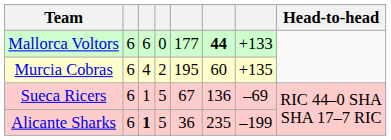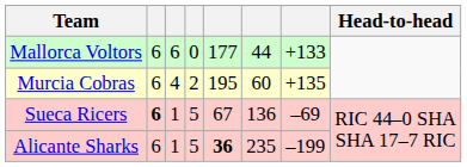 <table class="wikitable sortable" style="text-align: center;">
 <tr>
 <th>Team</th>
 <th></th>
 <th></th>
 <th></th>
 <th></th>
 <th></th>
 <th></th>
 <th>Head-to-head</th>
 </tr>
 <tr style="background:#ccffcc">
 <td><a href='#'>Mallorca Voltors</a></td>
 <td>6</td>
 <td>6</td>
 <td>0</td>
 <td>177</td>
-<td><strong>44</strong></td>
+<td>44</td>
 <td>+133</td>
 </tr>
 <tr bgcolor=#FFFFCC>
 <td><a href='#'>Murcia Cobras</a></td>
 <td>6</td>
 <td>4</td>
 <td>2</td>
 <td>195</td>
 <td>60</td>
 <td>+135</td>
 </tr>
 <tr style="background:#FFCCCC">
 <td><a href='#'>Sueca Ricers</a></td>
-<td>6</td>
+<td><strong>6</strong></td>
 <td>1</td>
 <td>5</td>
 <td>67</td>
 <td>136</td>
 <td>–69</td>
 <td rowspan="2">RIC 44–0 SHA<br>SHA 17–7 RIC</td>
 </tr>
 <tr style="background:#FFCCCC">
 <td><a href='#'>Alicante Sharks</a></td>
 <td>6</td>
-<td><strong>1</strong></td>
+<td>1</td>
 <td>5</td>
-<td>36</td>
+<td><strong>36</strong></td>
 <td>235</td>
 <td>–199</td>
 </tr>
 </table>
